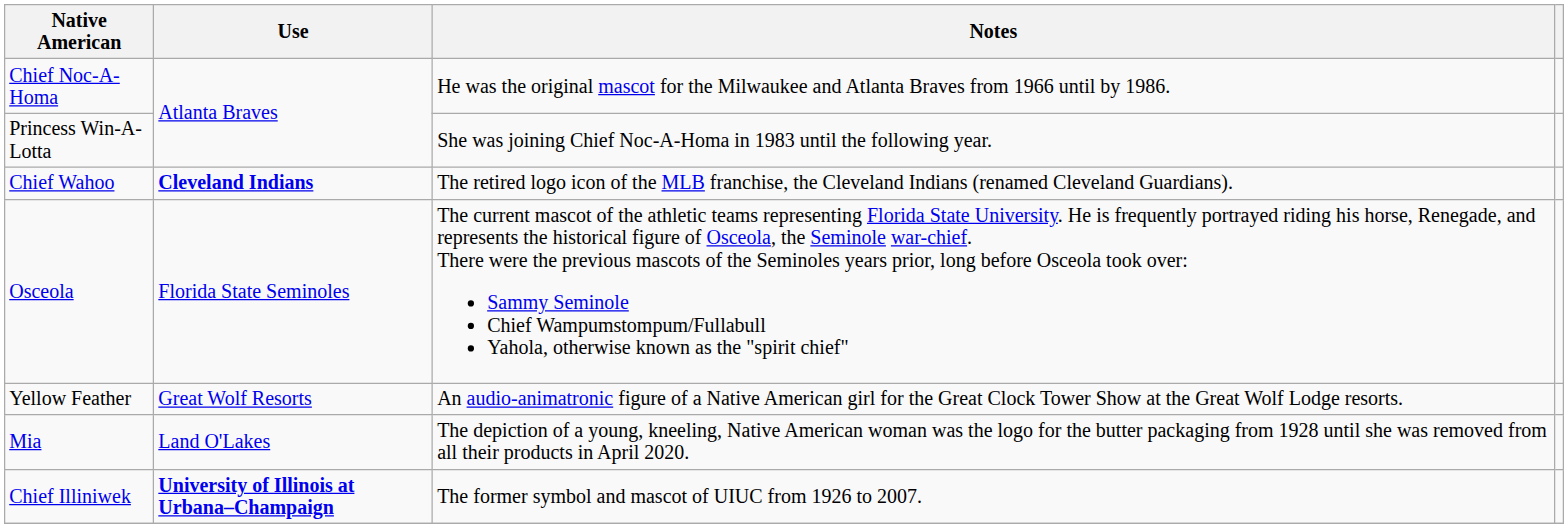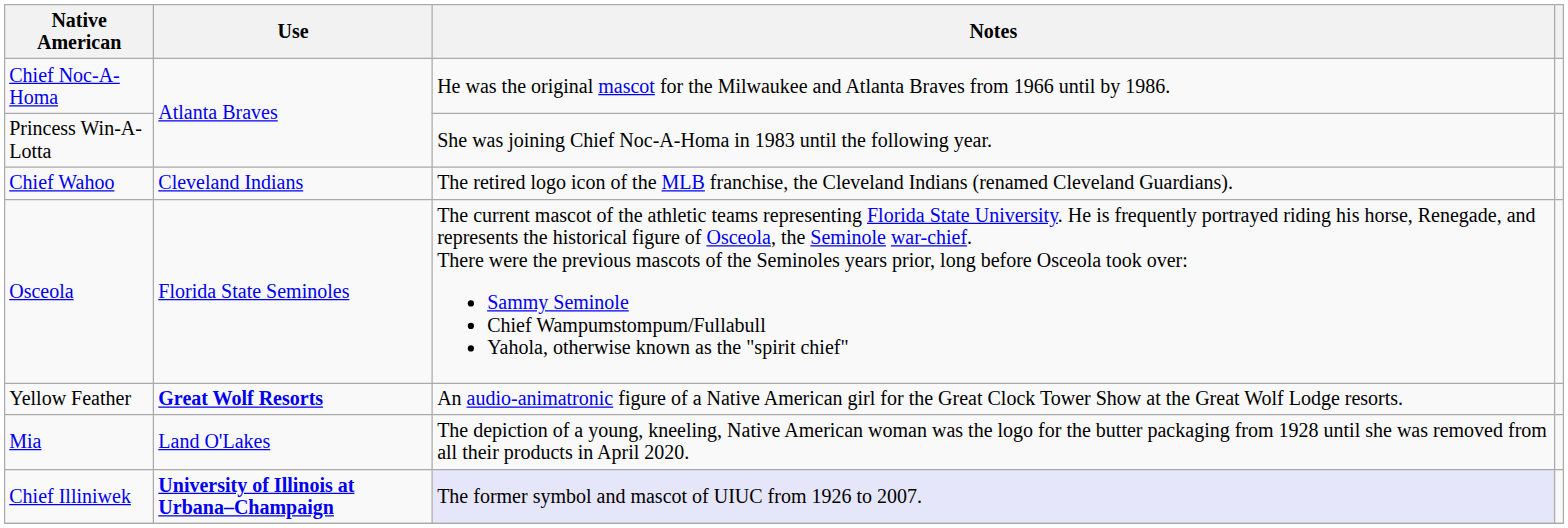 <table class="wikitable sortable">
 <tr>
 <th>Native American</th>
 <th>Use</th>
 <th class="unsortable">Notes</th>
 <th class="unsortable"></th>
 </tr>
 <tr>
 <td><a href='#'>Chief Noc-A-Homa</a></td>
 <td rowspan="2"><a href='#'>Atlanta Braves</a></td>
 <td>He was the original <a href='#'>mascot</a> for the Milwaukee and Atlanta Braves from 1966 until by 1986.</td>
 <td></td>
 </tr>
 <tr>
 <td>Princess Win-A-Lotta</td>
 <td>She was joining Chief Noc-A-Homa in 1983 until the following year.</td>
 <td></td>
 </tr>
 <tr>
 <td><a href='#'>Chief Wahoo</a></td>
-<td><strong><a href='#'>Cleveland Indians</a></strong></td>
+<td><a href='#'>Cleveland Indians</a></td>
 <td>The retired logo icon of the <a href='#'>MLB</a> franchise, the Cleveland Indians (renamed Cleveland Guardians).</td>
 <td></td>
 </tr>
 <tr>
 <td><a href='#'>Osceola</a></td>
 <td><a href='#'>Florida State Seminoles</a></td>
 <td>The current mascot of the athletic teams representing <a href='#'>Florida State University</a>. He is frequently portrayed riding his horse, Renegade, and represents the historical figure of <a href='#'>Osceola</a>, the <a href='#'>Seminole</a> <a href='#'>war-chief</a>.<br>There were the previous mascots of the Seminoles years prior, long before Osceola took over:<ul><li><a href='#'>Sammy Seminole</a></li><li>Chief Wampumstompum/Fullabull</li><li>Yahola, otherwise known as the "spirit chief"</li></ul></td>
 <td></td>
 </tr>
 <tr>
 <td>Yellow Feather</td>
-<td><a href='#'>Great Wolf Resorts</a></td>
+<td><strong><a href='#'>Great Wolf Resorts</a></strong></td>
 <td>An <a href='#'>audio-animatronic</a> figure of a Native American girl for the Great Clock Tower Show at the Great Wolf Lodge resorts.</td>
 <td></td>
 </tr>
 <tr>
 <td><a href='#'>Mia</a></td>
 <td><a href='#'>Land O'Lakes</a></td>
 <td>The depiction of a young, kneeling, Native American woman was the logo for the butter packaging from 1928 until she was removed from all their products in April 2020.</td>
 <td></td>
 </tr>
 <tr>
 <td><a href='#'>Chief Illiniwek</a></td>
 <td><strong><a href='#'>University of Illinois at Urbana–Champaign</a></strong></td>
-<td>The former symbol and mascot of UIUC from 1926 to 2007.</td>
+<td style="background: lavender;">The former symbol and mascot of UIUC from 1926 to 2007.</td>
 <td></td>
 </tr>
 <tr>
 </tr>
 </table>
